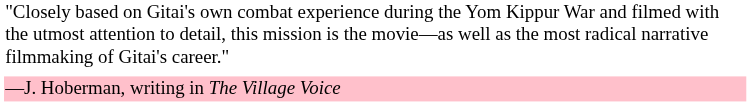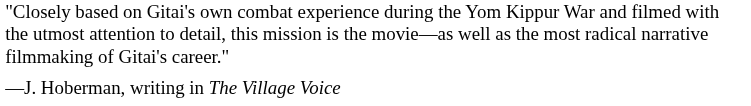 <table class="toccolours" style="float: right; margin-left: 1em; margin-right: 2em; font-size: 85%; color:black; width:40em; max-width: 35%;" cellspacing="5">
 <tr>
 <td style="text-align: left;">"Closely based on Gitai's own combat experience during the Yom Kippur War and filmed with the utmost attention to detail, this mission is the movie—as well as the most radical narrative filmmaking of Gitai's career."</td>
 </tr>
 <tr>
-<td style="background: pink; text-align: left;">—J. Hoberman, writing in <em>The Village Voice</em></td>
+<td style="text-align: left;">—J. Hoberman, writing in <em>The Village Voice</em></td>
 </tr>
 </table>
